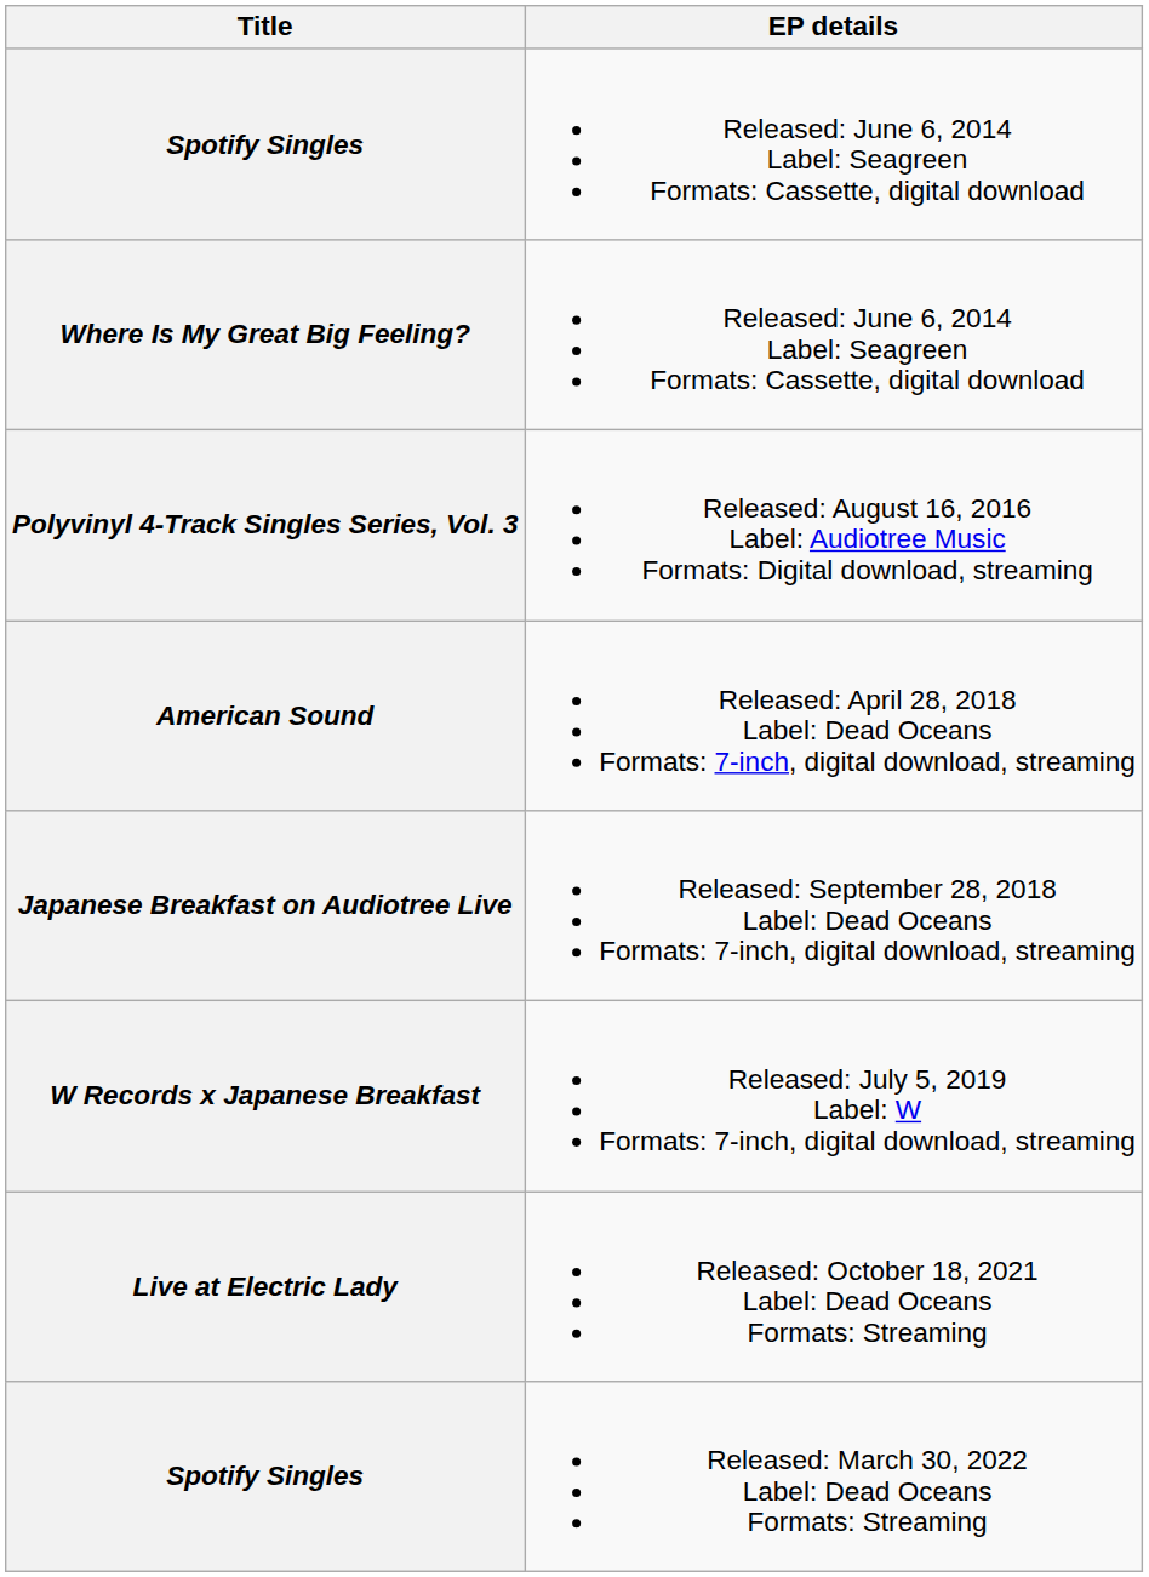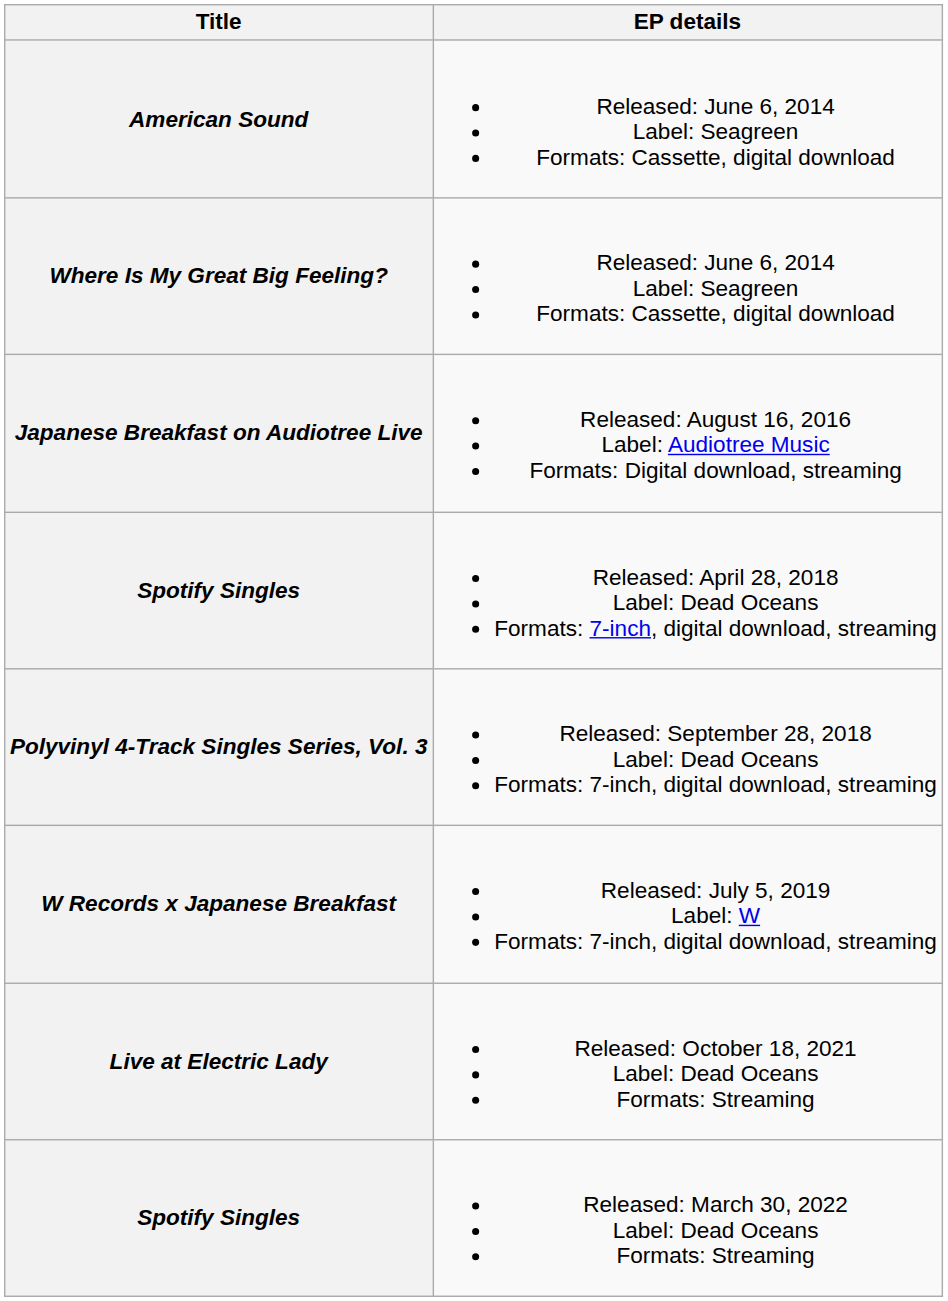 <table class="wikitable plainrowheaders" style="text-align:center;">
 <tr>
 <th scope="col">Title</th>
 <th scope="col">EP details</th>
 </tr>
 <tr>
-<th scope="row"><em>Spotify Singles</em></th>
+<th scope="row"><em>American Sound</em></th>
 <td><br><ul><li>Released: June 6, 2014</li><li>Label: Seagreen</li><li>Formats: Cassette, digital download</li></ul></td>
 </tr>
 <tr>
 <th scope="row"><em>Where Is My Great Big Feeling?</em></th>
 <td><br><ul><li>Released: June 6, 2014</li><li>Label: Seagreen</li><li>Formats: Cassette, digital download</li></ul></td>
 </tr>
 <tr>
-<th scope="row"><em>Polyvinyl 4-Track Singles Series, Vol. 3</em></th>
+<th scope="row"><em>Japanese Breakfast on Audiotree Live</em></th>
 <td><br><ul><li>Released: August 16, 2016</li><li>Label: <a href='#'>Audiotree Music</a></li><li>Formats: Digital download, streaming</li></ul></td>
 </tr>
 <tr>
-<th scope="row"><em>American Sound</em></th>
+<th scope="row"><em>Spotify Singles</em></th>
 <td><br><ul><li>Released: April 28, 2018</li><li>Label: Dead Oceans</li><li>Formats: <a href='#'>7-inch</a>, digital download, streaming</li></ul></td>
 </tr>
 <tr>
-<th scope="row"><em>Japanese Breakfast on Audiotree Live</em></th>
+<th scope="row"><em>Polyvinyl 4-Track Singles Series, Vol. 3</em></th>
 <td><br><ul><li>Released: September 28, 2018</li><li>Label: Dead Oceans</li><li>Formats: 7-inch, digital download, streaming</li></ul></td>
 </tr>
 <tr>
 <th scope="row"><em>W Records x Japanese Breakfast</em></th>
 <td><br><ul><li>Released: July 5, 2019</li><li>Label: <a href='#'>W</a></li><li>Formats: 7-inch, digital download, streaming</li></ul></td>
 </tr>
 <tr>
 <th scope="row"><em>Live at Electric Lady</em></th>
 <td><br><ul><li>Released: October 18, 2021</li><li>Label: Dead Oceans</li><li>Formats: Streaming</li></ul></td>
 </tr>
 <tr>
 <th scope="row"><em>Spotify Singles</em></th>
 <td><br><ul><li>Released: March 30, 2022</li><li>Label: Dead Oceans</li><li>Formats: Streaming</li></ul></td>
 </tr>
 </table>
